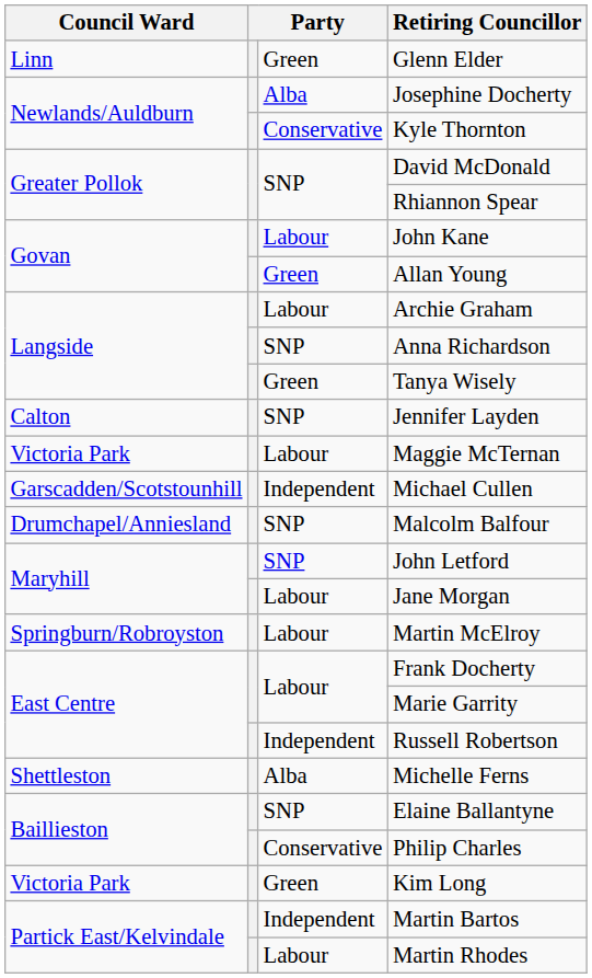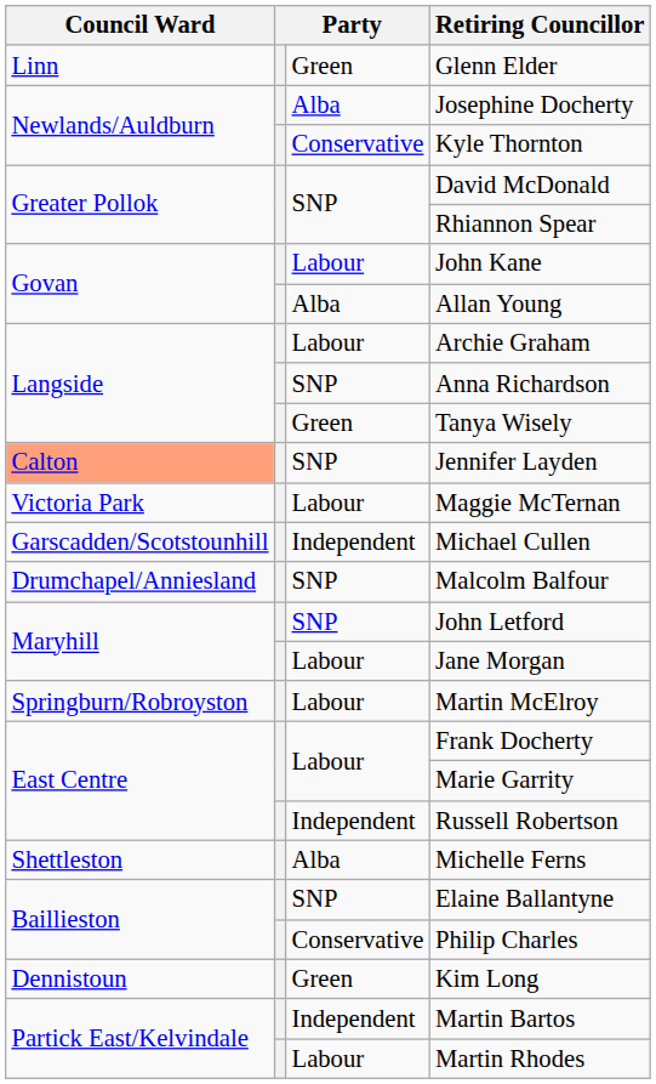 <table class="wikitable sortable">
 <tr>
 <th scope="col">Council Ward</th>
 <th scope="col" colspan="2">Party</th>
 <th scope="col">Retiring Councillor</th>
 </tr>
 <tr>
 <td scope="row"><a href='#'>Linn</a></td>
 <th style="background-color: "></th>
 <td>Green</td>
 <td>Glenn Elder</td>
 </tr>
 <tr>
 <td scope="row" rowspan="2"><a href='#'>Newlands/Auldburn</a></td>
 <th style="background-color: "></th>
 <td><a href='#'>Alba</a></td>
 <td>Josephine Docherty</td>
 </tr>
 <tr>
 <th style="background-color: "></th>
 <td><a href='#'>Conservative</a></td>
 <td>Kyle Thornton</td>
 </tr>
 <tr>
 <td scope="row" rowspan="2"><a href='#'>Greater Pollok</a></td>
 <th rowspan="2" style="background-color: "></th>
 <td rowspan="2">SNP</td>
 <td>David McDonald</td>
 </tr>
 <tr>
 <td>Rhiannon Spear</td>
 </tr>
 <tr>
 <td scope="row" rowspan="2"><a href='#'>Govan</a></td>
 <th style="background-color: "></th>
 <td><a href='#'>Labour</a></td>
 <td>John Kane</td>
 </tr>
 <tr>
 <th style="background-color: "></th>
-<td><a href='#'>Green</a></td>
+<td>Alba</td>
 <td>Allan Young</td>
 </tr>
 <tr>
 <td scope="row" rowspan="3"><a href='#'>Langside</a></td>
 <th style="background-color: "></th>
 <td>Labour</td>
 <td>Archie Graham</td>
 </tr>
 <tr>
 <th style="background-color: "></th>
 <td>SNP</td>
 <td>Anna Richardson</td>
 </tr>
 <tr>
 <th style="background-color: "></th>
 <td>Green</td>
 <td>Tanya Wisely</td>
 </tr>
 <tr>
-<td scope="row"><a href='#'>Calton</a></td>
+<td scope="row" style="background: lightsalmon;"><a href='#'>Calton</a></td>
 <th style="background-color: "></th>
 <td>SNP</td>
 <td>Jennifer Layden</td>
 </tr>
 <tr>
 <td scope="row"><a href='#'>Victoria Park</a></td>
 <th style="background-color: "></th>
 <td>Labour</td>
 <td>Maggie McTernan</td>
 </tr>
 <tr>
 <td scope="row"><a href='#'>Garscadden/Scotstounhill</a></td>
 <th style="background-color: "></th>
 <td>Independent</td>
 <td>Michael Cullen</td>
 </tr>
 <tr>
 <td scope="row"><a href='#'>Drumchapel/Anniesland</a></td>
 <th style="background-color: "></th>
 <td>SNP</td>
 <td>Malcolm Balfour</td>
 </tr>
 <tr>
 <td scope="row" rowspan="2"><a href='#'>Maryhill</a></td>
 <th style="background-color: "></th>
 <td><a href='#'>SNP</a></td>
 <td>John Letford</td>
 </tr>
 <tr>
 <th scope="row" style="background-color: "></th>
 <td>Labour</td>
 <td>Jane Morgan</td>
 </tr>
 <tr>
 <td scope="row"><a href='#'>Springburn/Robroyston</a></td>
 <th style="background-color: "></th>
 <td>Labour</td>
 <td>Martin McElroy</td>
 </tr>
 <tr>
 <td scope="row" rowspan="3"><a href='#'>East Centre</a></td>
 <th rowspan="2" style="background-color: "></th>
 <td rowspan="2">Labour</td>
 <td>Frank Docherty</td>
 </tr>
 <tr>
 <td>Marie Garrity</td>
 </tr>
 <tr>
 <th style="background-color: "></th>
 <td>Independent</td>
 <td>Russell Robertson</td>
 </tr>
 <tr>
 <td scope="row"><a href='#'>Shettleston</a></td>
 <th style="background-color: "></th>
 <td>Alba</td>
 <td>Michelle Ferns</td>
 </tr>
 <tr>
 <td scope="row" rowspan="2"><a href='#'>Baillieston</a></td>
 <th style="background-color: "></th>
 <td>SNP</td>
 <td>Elaine Ballantyne</td>
 </tr>
 <tr>
 <th style="background-color: "></th>
 <td>Conservative</td>
 <td>Philip Charles</td>
 </tr>
 <tr>
-<td scope="row"><a href='#'>Victoria Park</a></td>
+<td scope="row"><a href='#'>Dennistoun</a></td>
 <th style="background-color: "></th>
 <td>Green</td>
 <td>Kim Long</td>
 </tr>
 <tr>
 <td scope="row" rowspan="2"><a href='#'>Partick East/Kelvindale</a></td>
 <th style="background-color: "></th>
 <td>Independent</td>
 <td>Martin Bartos</td>
 </tr>
 <tr>
 <th style="background-color: "></th>
 <td>Labour</td>
 <td>Martin Rhodes</td>
 </tr>
 </table>
